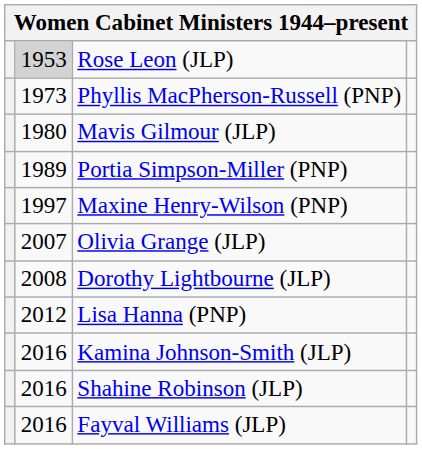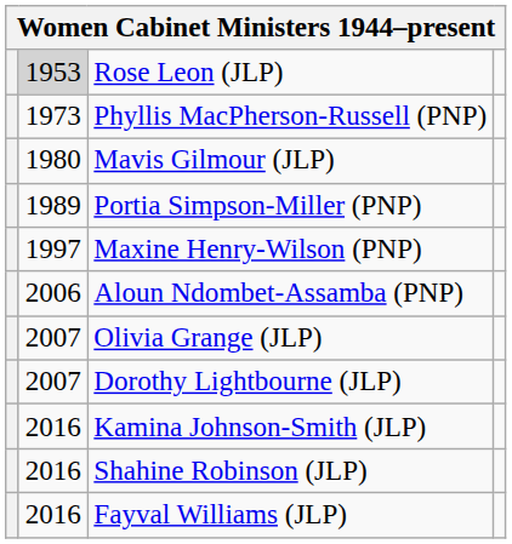 <table class="wikitable">
 <tr>
 <th colspan="4"><strong>Women Cabinet Ministers 1944–present</strong></th>
 </tr>
 <tr>
 <th style="background-color: "></th>
 <td style="background: lightgrey;">1953</td>
 <td><a href='#'>Rose Leon</a> (JLP)</td>
 <td></td>
 </tr>
 <tr>
 <th style="background-color: "></th>
 <td>1973</td>
 <td><a href='#'>Phyllis MacPherson-Russell</a> (PNP)</td>
 <td></td>
 </tr>
 <tr>
 <th style="background-color: "></th>
 <td>1980</td>
 <td><a href='#'>Mavis Gilmour</a> (JLP)</td>
 <td></td>
 </tr>
 <tr>
 <th style="background-color: "></th>
 <td>1989</td>
 <td><a href='#'>Portia Simpson-Miller</a> (PNP)</td>
 <td></td>
 </tr>
 <tr>
 <th style="background-color: "></th>
 <td>1997</td>
 <td><a href='#'>Maxine Henry-Wilson</a> (PNP)</td>
 <td></td>
 </tr>
 <tr>
 <th style="background-color: "></th>
+<td>2006</td>
+<td><a href='#'>Aloun Ndombet-Assamba</a> (PNP)</td>
+<td></td>
+</tr>
+<tr>
+<th style="background-color: "></th>
 <td>2007</td>
 <td><a href='#'>Olivia Grange</a> (JLP)</td>
 <td></td>
 </tr>
 <tr>
 <th style="background-color: "></th>
-<td>2008</td>
+<td>2007</td>
 <td><a href='#'>Dorothy Lightbourne</a> (JLP)</td>
-<td></td>
-</tr>
-<tr>
-<th style="background-color: "></th>
-<td>2012</td>
-<td><a href='#'>Lisa Hanna</a> (PNP)</td>
 <td></td>
 </tr>
 <tr>
 <th style="background-color: "></th>
 <td>2016</td>
 <td><a href='#'>Kamina Johnson-Smith</a> (JLP)</td>
 <td></td>
 </tr>
 <tr>
 <th style="background-color: "></th>
 <td>2016</td>
 <td><a href='#'>Shahine Robinson</a> (JLP)</td>
 <td></td>
 </tr>
 <tr>
 <th style="background-color: "></th>
 <td>2016</td>
 <td><a href='#'>Fayval Williams</a> (JLP)</td>
 <td></td>
 </tr>
 </table>
